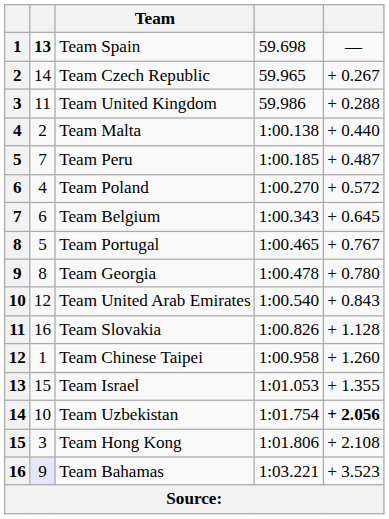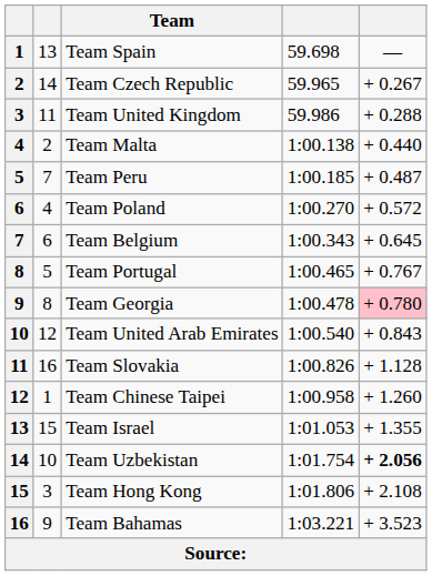 <table class="wikitable" style="font-size:85%;">
 <tr>
 <th scope="col"></th>
 <th scope="col"></th>
 <th scope="col">Team</th>
 <th scope="col"></th>
 <th scope="col"></th>
 </tr>
 <tr>
 <th>1</th>
-<td align="middle"><strong>13</strong></td>
+<td align="middle">13</td>
 <td> Team Spain</td>
 <td>59.698</td>
 <td align="middle">—</td>
 </tr>
 <tr>
 <th>2</th>
 <td align="middle">14</td>
 <td> Team Czech Republic</td>
 <td>59.965</td>
 <td>+ 0.267</td>
 </tr>
 <tr>
 <th>3</th>
 <td align="middle">11</td>
 <td> Team United Kingdom</td>
 <td>59.986</td>
 <td>+ 0.288</td>
 </tr>
 <tr>
 <th>4</th>
 <td align="middle">2</td>
 <td> Team Malta</td>
 <td>1:00.138</td>
 <td>+ 0.440</td>
 </tr>
 <tr>
 <th>5</th>
 <td align="middle">7</td>
 <td> Team Peru</td>
 <td>1:00.185</td>
 <td>+ 0.487</td>
 </tr>
 <tr>
 <th>6</th>
 <td align="middle">4</td>
 <td> Team Poland</td>
 <td>1:00.270</td>
 <td>+ 0.572</td>
 </tr>
 <tr>
 <th>7</th>
 <td align="middle">6</td>
 <td> Team Belgium</td>
 <td>1:00.343</td>
 <td>+ 0.645</td>
 </tr>
 <tr>
 <th>8</th>
 <td align="middle">5</td>
 <td> Team Portugal</td>
 <td>1:00.465</td>
 <td>+ 0.767</td>
 </tr>
 <tr>
 <th>9</th>
 <td align="middle">8</td>
 <td> Team Georgia</td>
 <td>1:00.478</td>
-<td>+ 0.780</td>
+<td style="background: pink;">+ 0.780</td>
 </tr>
 <tr>
 <th>10</th>
 <td align="middle">12</td>
 <td> Team United Arab Emirates</td>
 <td>1:00.540</td>
 <td>+ 0.843</td>
 </tr>
 <tr>
 <th>11</th>
 <td align="middle">16</td>
 <td> Team Slovakia</td>
 <td>1:00.826</td>
 <td>+ 1.128</td>
 </tr>
 <tr>
 <th>12</th>
 <td align="middle">1</td>
 <td> Team Chinese Taipei</td>
 <td>1:00.958</td>
 <td>+ 1.260</td>
 </tr>
 <tr>
 <th>13</th>
 <td align="middle">15</td>
 <td> Team Israel</td>
 <td>1:01.053</td>
 <td>+ 1.355</td>
 </tr>
 <tr>
 <th>14</th>
 <td align="middle">10</td>
 <td> Team Uzbekistan</td>
 <td>1:01.754</td>
 <td><strong>+ 2.056</strong></td>
 </tr>
 <tr>
 <th>15</th>
 <td align="middle">3</td>
 <td> Team Hong Kong</td>
 <td>1:01.806</td>
 <td>+ 2.108</td>
 </tr>
 <tr>
 <th>16</th>
-<td align="middle" style="background: lavender;">9</td>
+<td align="middle">9</td>
 <td> Team Bahamas</td>
 <td>1:03.221</td>
 <td>+ 3.523</td>
 </tr>
 <tr>
 <th colspan=5>Source:</th>
 </tr>
 </table>
